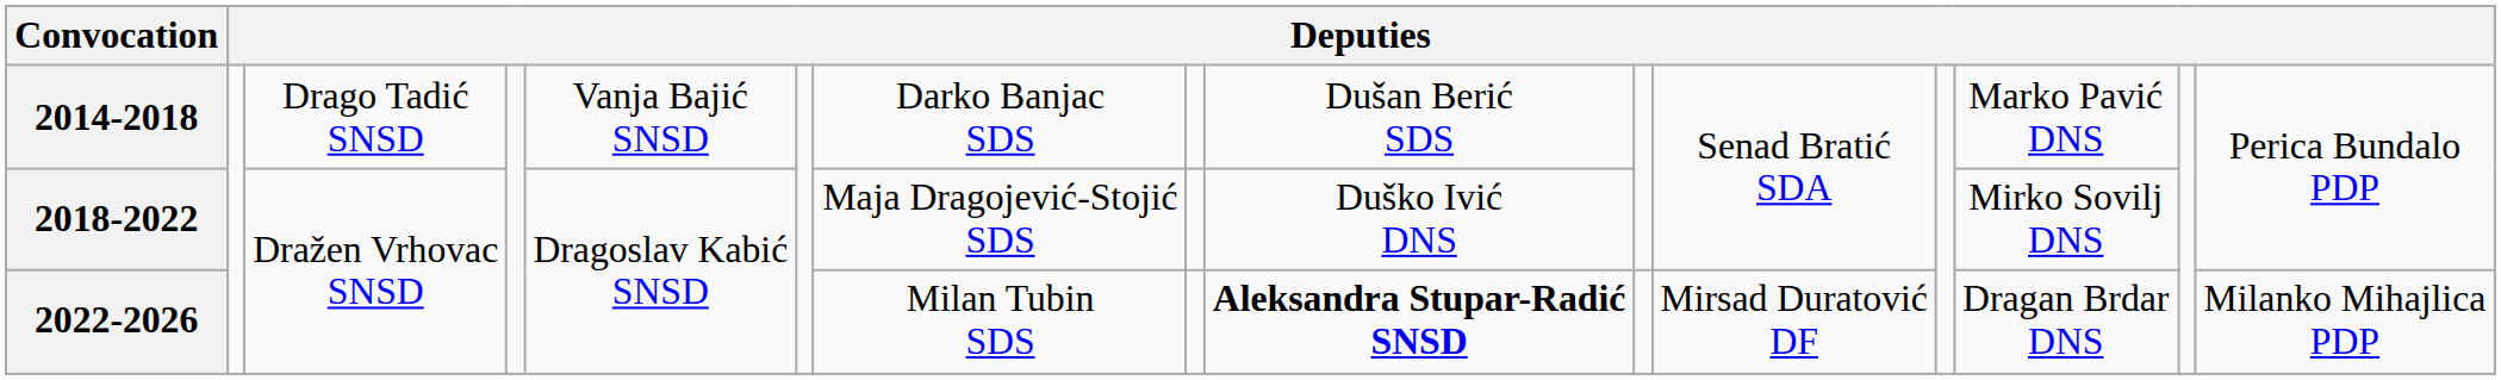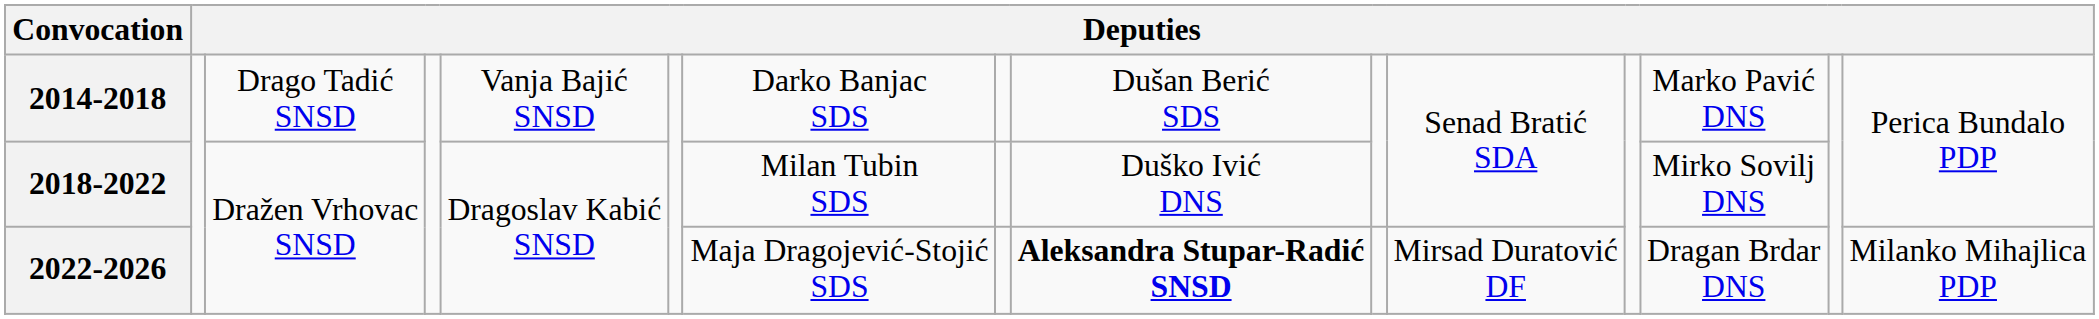 <table class="wikitable" style="text-align:center">
 <tr>
 <th>Convocation</th>
 <th colspan=14>Deputies</th>
 </tr>
 <tr>
 <th>2014-2018</th>
 <td rowspan=3; style="background-color: "></td>
 <td>Drago Tadić<br><a href='#'>SNSD</a></td>
 <td rowspan=3; style="background-color: "></td>
 <td>Vanja Bajić<br><a href='#'>SNSD</a></td>
 <td rowspan=3; style="background-color: "></td>
 <td>Darko Banjac<br><a href='#'>SDS</a></td>
 <td rowspan=1; style="background-color: "></td>
 <td>Dušan Berić<br><a href='#'>SDS</a></td>
 <td rowspan=2; style="background-color: "></td>
 <td rowspan=2>Senad Bratić<br><a href='#'>SDA</a></td>
 <td rowspan=3; style="background-color: "></td>
 <td>Marko Pavić<br><a href='#'>DNS</a></td>
 <td rowspan=3; style="background-color: "></td>
 <td rowspan=2>Perica Bundalo<br><a href='#'>PDP</a></td>
 </tr>
 <tr>
 <th>2018-2022</th>
 <td rowspan=2>Dražen Vrhovac<br><a href='#'>SNSD</a></td>
 <td rowspan=2>Dragoslav Kabić<br><a href='#'>SNSD</a></td>
-<td>Maja Dragojević-Stojić<br><a href='#'>SDS</a></td>
+<td>Milan Tubin<br><a href='#'>SDS</a></td>
 <td rowspan=1; style="background-color: "></td>
 <td>Duško Ivić<br><a href='#'>DNS</a></td>
 <td>Mirko Sovilj<br><a href='#'>DNS</a></td>
 </tr>
 <tr>
 <th>2022-2026</th>
-<td>Milan Tubin<br><a href='#'>SDS</a></td>
+<td>Maja Dragojević-Stojić<br><a href='#'>SDS</a></td>
 <td rowspan=1; style="background-color: "></td>
 <td><strong>Aleksandra Stupar-Radić<br><a href='#'>SNSD</a></strong></td>
 <td rowspan=1; style="background-color: "></td>
 <td>Mirsad Duratović<br><a href='#'>DF</a></td>
 <td>Dragan Brdar<br><a href='#'>DNS</a></td>
 <td rowspan=1>Milanko Mihajlica<br><a href='#'>PDP</a></td>
 </tr>
 </table>
